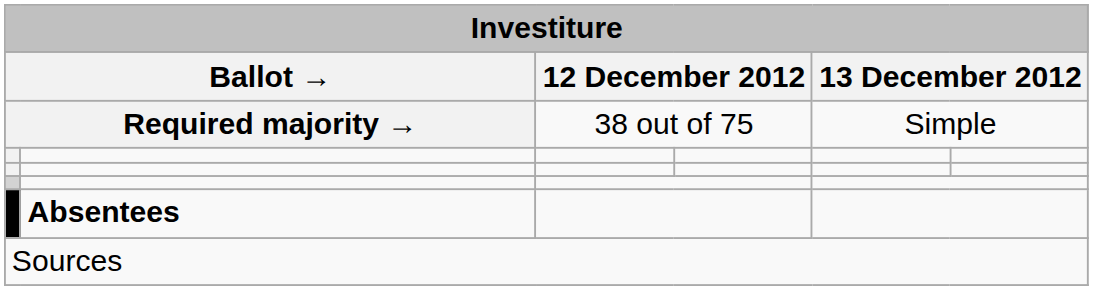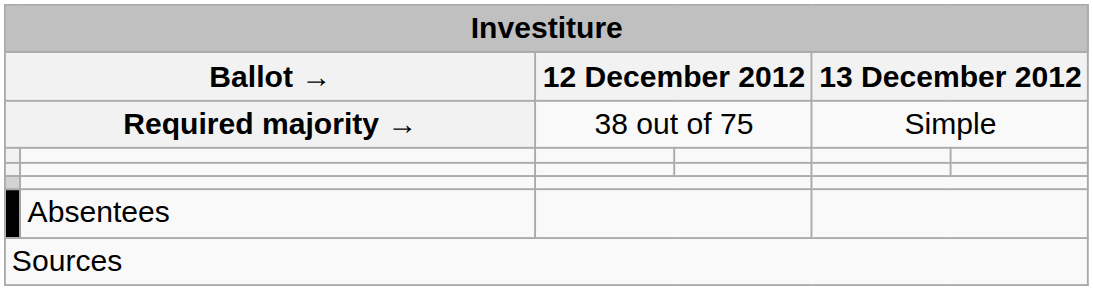 <table class="wikitable" style="text-align:center;">
 <tr bgcolor="#E9E9E9">
 <td colspan="6" align="center" bgcolor="#C0C0C0"><strong>Investiture</strong></td>
 </tr>
 <tr>
 <th colspan="2" width="275px">Ballot →</th>
 <th colspan="2">12 December 2012</th>
 <th colspan="2">13 December 2012</th>
 </tr>
 <tr>
 <th colspan="2">Required majority →</th>
 <td colspan="2">38 out of 75</td>
 <td colspan="2">Simple</td>
 </tr>
 <tr>
 <th width="1px" style="background:"></th>
 <td align="left"></td>
 <td></td>
 <td></td>
 <td></td>
 <td></td>
 </tr>
 <tr>
 <th style="color:inherit;background:"></th>
 <td align="left"></td>
 <td></td>
 <td></td>
 <td></td>
 <td></td>
 </tr>
 <tr>
 <th style="color:inherit;background:lightgray;"></th>
 <td align="left"></td>
 <td colspan="2"></td>
 <td colspan="2"></td>
 </tr>
 <tr>
 <th style="color:inherit;background:black;"></th>
-<td align="left"><strong><span>Absentees</span></strong></td>
+<td align="left"><span>Absentees</span></td>
 <td colspan="2"></td>
 <td colspan="2"></td>
 </tr>
 <tr>
 <td align="left" colspan="6">Sources</td>
 </tr>
 </table>
